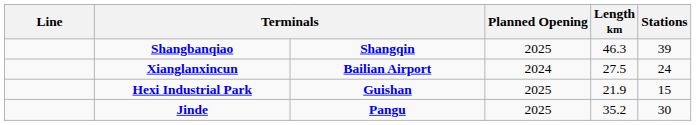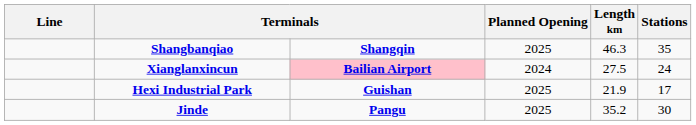 <table class="wikitable sortable" style="cell-padding:1.5; font-size:100%; text-align:center;">
 <tr>
 <th data-sort-type="text"style="width:100px;">Line</th>
 <th class="unsortable" colspan="2" style="width:400px; line-height:1.05">Terminals</th>
 <th>Planned Opening</th>
 <th style="line-height:1.05">Length<br><small>km</small></th>
 <th style="line-height:1.05">Stations</th>
 </tr>
 <tr>
 <td style="text-align:center; line-height:1.05"></td>
 <td style="text-align:center; width:225px; line-height:1.05"><strong><a href='#'>Shangbanqiao</a></strong></td>
 <td style="text-align:center; width:225px; line-height:1.05"><strong><a href='#'>Shangqin</a></strong></td>
 <td style="text-align:center; line-height:1.05">2025</td>
 <td style="text-align:center; line-height:1.05">46.3</td>
-<td style="text-align:center; line-height:1.05">39</td>
+<td style="text-align:center; line-height:1.05">35</td>
 </tr>
 <tr>
 <td style="text-align:center; line-height:1.05"></td>
 <td style="text-align:center; width:225px; line-height:1.05"><strong><a href='#'>Xianglanxincun</a></strong></td>
-<td style="text-align:center; width:225px; line-height:1.05"><strong><a href='#'>Bailian Airport</a></strong></td>
+<td style="background: pink; text-align:center; width:225px; line-height:1.05"><strong><a href='#'>Bailian Airport</a></strong></td>
 <td style="text-align:center; line-height:1.05">2024</td>
 <td style="text-align:center; line-height:1.05">27.5</td>
 <td style="text-align:center; line-height:1.05">24</td>
 </tr>
 <tr>
 <td style="text-align:center; line-height:1.05"></td>
 <td style="text-align:center; width:225px; line-height:1.05"><strong><a href='#'>Hexi Industrial Park</a></strong></td>
 <td style="text-align:center; width:225px; line-height:1.05"><strong><a href='#'>Guishan</a></strong></td>
 <td style="text-align:center; line-height:1.05">2025</td>
 <td style="text-align:center; line-height:1.05">21.9</td>
-<td style="text-align:center; line-height:1.05">15</td>
+<td style="text-align:center; line-height:1.05">17</td>
 </tr>
 <tr>
 <td style="text-align:center; line-height:1.05"></td>
 <td style="text-align:center; width:225px; line-height:1.05"><strong><a href='#'>Jinde</a></strong></td>
 <td style="text-align:center; width:225px; line-height:1.05"><strong><a href='#'>Pangu</a></strong></td>
 <td style="text-align:center; line-height:1.05">2025</td>
 <td style="text-align:center; line-height:1.05">35.2</td>
 <td style="text-align:center; line-height:1.05">30</td>
 </tr>
 </table>
